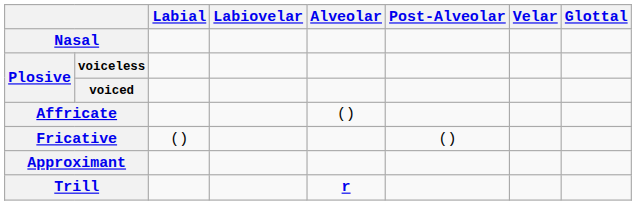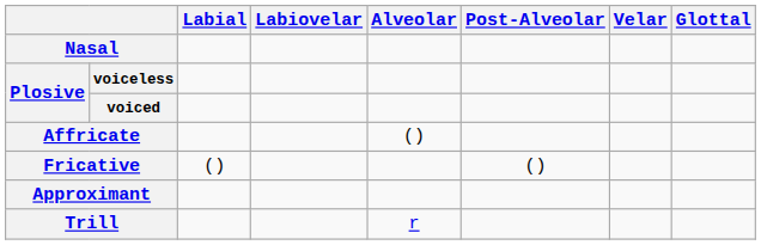 <table class="wikitable" style="text-align: center">
 <tr>
 <th colspan="2"></th>
 <th><a href='#'>Labial</a></th>
 <th><a href='#'>Labiovelar</a></th>
 <th><a href='#'>Alveolar</a></th>
 <th><a href='#'>Post-Alveolar</a></th>
 <th><a href='#'>Velar</a></th>
 <th><a href='#'>Glottal</a></th>
 </tr>
 <tr>
 <th colspan="2"><a href='#'>Nasal</a></th>
 <td></td>
 <td></td>
 <td></td>
 <td></td>
 <td></td>
 <td></td>
 </tr>
 <tr>
 <th rowspan="2"><a href='#'>Plosive</a></th>
 <th><small>voiceless</small></th>
 <td></td>
 <td></td>
 <td></td>
 <td></td>
 <td></td>
 <td></td>
 </tr>
 <tr>
 <th><small>voiced</small></th>
 <td></td>
 <td></td>
 <td></td>
 <td></td>
 <td></td>
 <td></td>
 </tr>
 <tr>
 <th colspan="2"><a href='#'>Affricate</a></th>
 <td></td>
 <td></td>
 <td>()</td>
 <td></td>
 <td></td>
 <td></td>
 </tr>
 <tr>
 <th colspan="2"><a href='#'>Fricative</a></th>
 <td>()</td>
 <td></td>
 <td></td>
 <td>()</td>
 <td></td>
 <td></td>
 </tr>
 <tr>
 <th colspan="2"><a href='#'>Approximant</a></th>
 <td></td>
 <td></td>
 <td></td>
 <td></td>
 <td></td>
 <td></td>
 </tr>
 <tr>
 <th colspan="2"><a href='#'>Trill</a></th>
 <td></td>
 <td></td>
-<td><strong><a href='#'>r</a></strong></td>
+<td><a href='#'>r</a></td>
 <td></td>
 <td></td>
 <td></td>
 </tr>
 </table>
